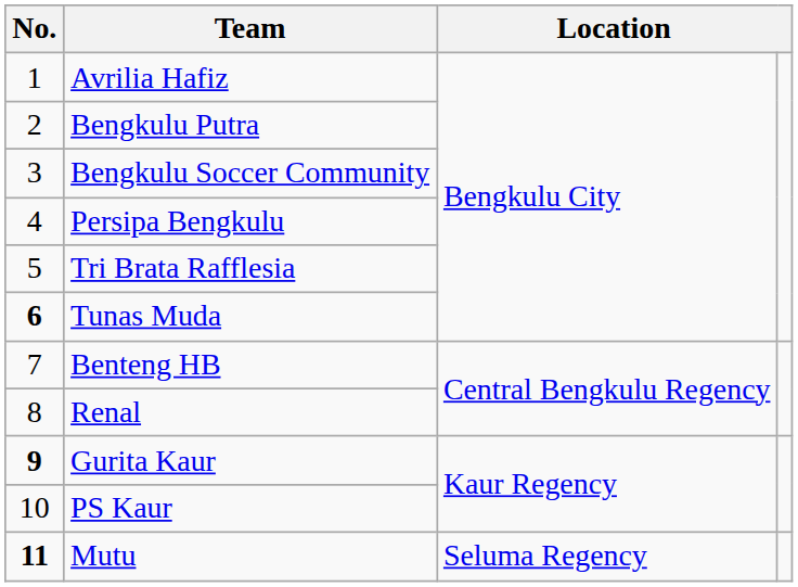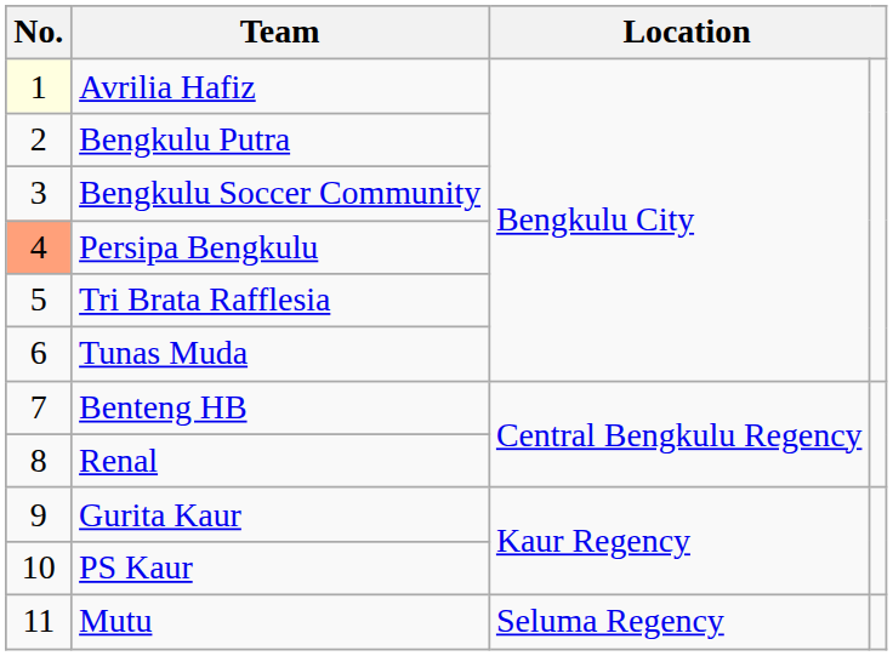 <table class="wikitable">
 <tr>
 <th>No.</th>
 <th>Team</th>
 <th colspan=2>Location</th>
 </tr>
 <tr>
-<td align=center>1</td>
+<td align=center style="background: lightyellow;">1</td>
 <td><a href='#'>Avrilia Hafiz</a></td>
 <td rowspan=6><a href='#'>Bengkulu City</a></td>
 <td rowspan=6></td>
 </tr>
 <tr>
 <td align=center>2</td>
 <td><a href='#'>Bengkulu Putra</a></td>
 </tr>
 <tr>
 <td align=center>3</td>
 <td><a href='#'>Bengkulu Soccer Community</a></td>
 </tr>
 <tr>
-<td align=center>4</td>
+<td align=center style="background: lightsalmon;">4</td>
 <td><a href='#'>Persipa Bengkulu</a></td>
 </tr>
 <tr>
 <td align=center>5</td>
 <td><a href='#'>Tri Brata Rafflesia</a></td>
 </tr>
 <tr>
-<td align=center><strong>6</strong></td>
+<td align=center>6</td>
 <td><a href='#'>Tunas Muda</a></td>
 </tr>
 <tr>
 <td align=center>7</td>
 <td><a href='#'>Benteng HB</a></td>
 <td rowspan=2><a href='#'>Central Bengkulu Regency</a></td>
 <td rowspan=2></td>
 </tr>
 <tr>
 <td align=center>8</td>
 <td><a href='#'>Renal</a></td>
 </tr>
 <tr>
-<td align=center><strong>9</strong></td>
+<td align=center>9</td>
 <td><a href='#'>Gurita Kaur</a></td>
 <td rowspan=2><a href='#'>Kaur Regency</a></td>
 <td rowspan=2></td>
 </tr>
 <tr>
 <td align=center>10</td>
 <td><a href='#'>PS Kaur</a></td>
 </tr>
 <tr>
-<td align=center><strong>11</strong></td>
+<td align=center>11</td>
 <td><a href='#'>Mutu</a></td>
 <td><a href='#'>Seluma Regency</a></td>
 <td></td>
 </tr>
 </table>
